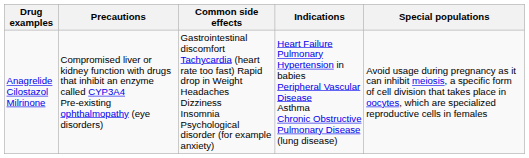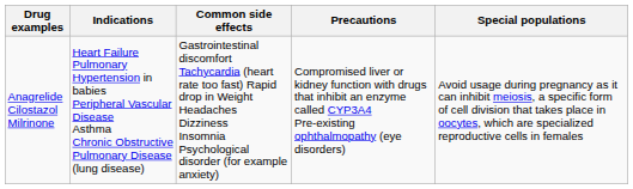 <table class="wikitable">
 <tr>
 <th>Drug examples</th>
+<th>Indications</th>
+<th>Common side effects</th>
 <th>Precautions</th>
-<th>Common side effects</th>
-<th>Indications</th>
 <th>Special populations</th>
 </tr>
 <tr>
 <td><a href='#'>Anagrelide</a><br><a href='#'>Cilostazol</a><br><a href='#'>Milrinone</a></td>
+<td><a href='#'>Heart Failure</a><br><a href='#'>Pulmonary Hypertension</a> in babies<br><a href='#'>Peripheral Vascular Disease</a><br>Asthma<br><a href='#'>Chronic Obstructive Pulmonary Disease</a> (lung disease)</td>
+<td>Gastrointestinal discomfort<br><a href='#'>Tachycardia</a> (heart rate too fast) Rapid drop in Weight<br>Headaches<br>Dizziness<br>Insomnia<br>Psychological disorder (for example anxiety)</td>
 <td>Compromised liver or kidney function with drugs that inhibit an enzyme called <a href='#'>CYP3A4</a><br>Pre-existing <a href='#'>ophthalmopathy</a> (eye disorders)</td>
-<td>Gastrointestinal discomfort<br><a href='#'>Tachycardia</a> (heart rate too fast) Rapid drop in Weight<br>Headaches<br>Dizziness<br>Insomnia<br>Psychological disorder (for example anxiety)</td>
-<td><a href='#'>Heart Failure</a><br><a href='#'>Pulmonary Hypertension</a> in babies<br><a href='#'>Peripheral Vascular Disease</a><br>Asthma<br><a href='#'>Chronic Obstructive Pulmonary Disease</a> (lung disease)</td>
 <td>Avoid usage during pregnancy as it can inhibit <a href='#'>meiosis</a>, a specific form of cell division that takes place in <a href='#'>oocytes</a>, which are specialized reproductive cells in females</td>
 </tr>
 </table>
